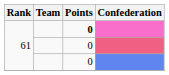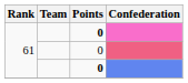 <table class="wikitable">
 <tr>
 <th>Rank</th>
 <th>Team</th>
 <th>Points</th>
 <th>Confederation</th>
 </tr>
 <tr>
 <td rowspan=3 align=right>61 </td>
 <td align="left"></td>
 <td align="right"><strong>0</strong></td>
 <td align="center" bgcolor=#F96ECB><a href='#'></a></td>
 </tr>
 <tr>
 <td align="left"></td>
 <td align="right">0</td>
 <td align="center" bgcolor=#F06083><a href='#'></a></td>
 </tr>
 <tr>
 <td align="left"></td>
-<td align="right">0</td>
+<td align="right"><strong>0</strong></td>
 <td align="center" bgcolor=#6085EF><a href='#'></a></td>
 </tr>
 <tr>
 </tr>
 </table>
